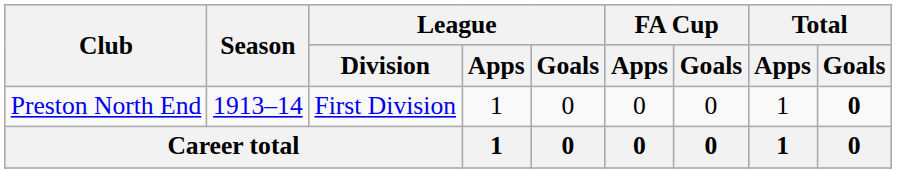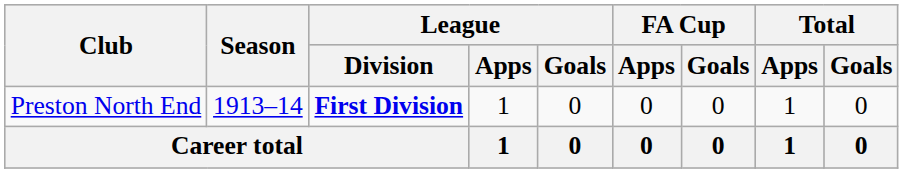 <table class="wikitable" style="text-align: center">
 <tr>
 <th rowspan="2">Club</th>
 <th rowspan="2">Season</th>
 <th colspan="3">League</th>
 <th colspan="2">FA Cup</th>
 <th colspan="2">Total</th>
 </tr>
 <tr>
 <th>Division</th>
 <th>Apps</th>
 <th>Goals</th>
 <th>Apps</th>
 <th>Goals</th>
 <th>Apps</th>
 <th>Goals</th>
 </tr>
 <tr>
 <td><a href='#'>Preston North End</a></td>
 <td><a href='#'>1913–14</a></td>
-<td><a href='#'>First Division</a></td>
+<td><strong><a href='#'>First Division</a></strong></td>
 <td>1</td>
 <td>0</td>
 <td>0</td>
 <td>0</td>
 <td>1</td>
-<td><strong>0</strong></td>
+<td>0</td>
 </tr>
 <tr>
 <th colspan="3">Career total</th>
 <th>1</th>
 <th>0</th>
 <th>0</th>
 <th>0</th>
 <th>1</th>
 <th>0</th>
 </tr>
 </table>
